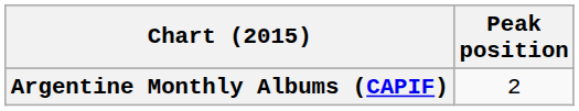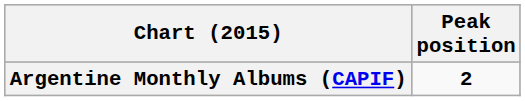 <table class="wikitable plainrowheaders" style="text-align:center">
 <tr>
 <th scope="col">Chart (2015)</th>
 <th scope="col">Peak<br>position</th>
 </tr>
 <tr>
 <th scope="row">Argentine Monthly Albums (<a href='#'>CAPIF</a>)</th>
-<td>2</td>
+<td><strong>2</strong></td>
 </tr>
 </table>
